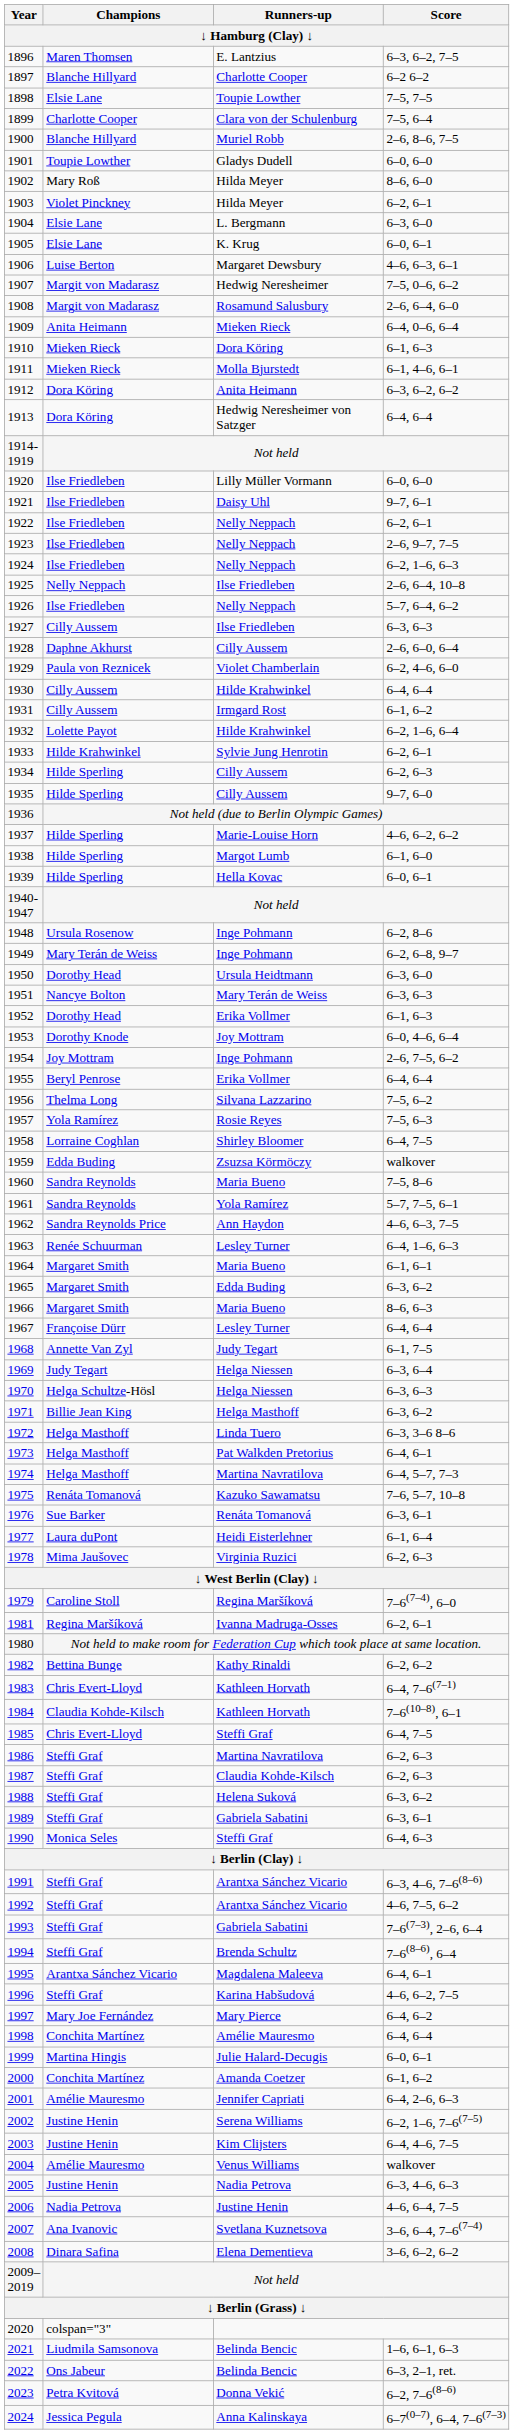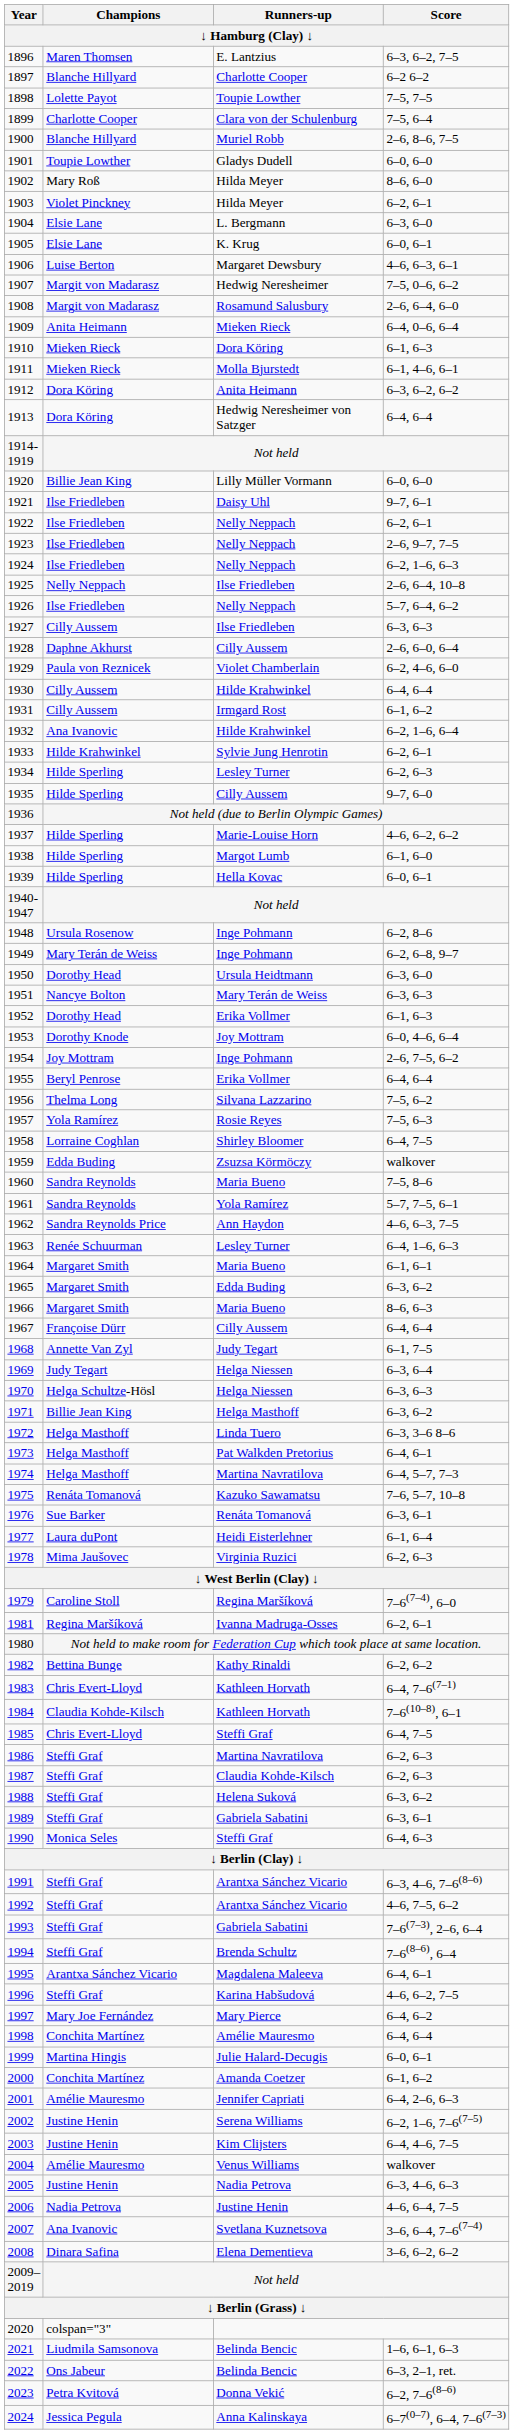 <table class="wikitable sortable nowrap">
 <tr>
 <th>Year</th>
 <th width=200>Champions</th>
 <th width=200>Runners-up</th>
 <th class="unsortable">Score</th>
 </tr>
 <tr>
 <th colspan="4">↓ Hamburg (Clay) ↓</th>
 </tr>
 <tr>
 <td>1896</td>
 <td> <a href='#'>Maren Thomsen</a></td>
 <td> E. Lantzius</td>
 <td>6–3, 6–2, 7–5</td>
 </tr>
 <tr>
 <td>1897</td>
 <td> <a href='#'>Blanche Hillyard</a></td>
 <td> <a href='#'>Charlotte Cooper</a></td>
 <td>6–2 6–2</td>
 </tr>
 <tr>
 <td>1898</td>
-<td> <a href='#'>Elsie Lane</a></td>
+<td> <a href='#'>Lolette Payot</a></td>
 <td> <a href='#'>Toupie Lowther</a></td>
 <td>7–5, 7–5</td>
 </tr>
 <tr>
 <td>1899</td>
 <td> <a href='#'>Charlotte Cooper</a></td>
 <td> <a href='#'>Clara von der Schulenburg</a></td>
 <td>7–5, 6–4</td>
 </tr>
 <tr>
 <td>1900</td>
 <td> <a href='#'>Blanche Hillyard</a> </td>
 <td> <a href='#'>Muriel Robb</a></td>
 <td>2–6, 8–6, 7–5</td>
 </tr>
 <tr>
 <td>1901</td>
 <td> <a href='#'>Toupie Lowther</a></td>
 <td> Gladys Dudell</td>
 <td>6–0, 6–0</td>
 </tr>
 <tr>
 <td>1902</td>
 <td> Mary Roß</td>
 <td> Hilda Meyer</td>
 <td>8–6, 6–0</td>
 </tr>
 <tr>
 <td>1903</td>
 <td> <a href='#'>Violet Pinckney</a></td>
 <td> Hilda Meyer</td>
 <td>6–2, 6–1</td>
 </tr>
 <tr>
 <td>1904</td>
 <td> <a href='#'>Elsie Lane</a> </td>
 <td> L. Bergmann</td>
 <td>6–3, 6–0</td>
 </tr>
 <tr>
 <td>1905</td>
 <td> <a href='#'>Elsie Lane</a> </td>
 <td> K. Krug</td>
 <td>6–0, 6–1</td>
 </tr>
 <tr>
 <td>1906</td>
 <td> <a href='#'>Luise Berton</a></td>
 <td> Margaret Dewsbury</td>
 <td>4–6, 6–3, 6–1</td>
 </tr>
 <tr>
 <td>1907</td>
 <td> <a href='#'>Margit von Madarasz</a></td>
 <td> Hedwig Neresheimer</td>
 <td>7–5, 0–6, 6–2</td>
 </tr>
 <tr>
 <td>1908</td>
 <td> <a href='#'>Margit von Madarasz</a> </td>
 <td> <a href='#'>Rosamund Salusbury</a></td>
 <td>2–6, 6–4, 6–0</td>
 </tr>
 <tr>
 <td>1909</td>
 <td>  <a href='#'>Anita Heimann</a></td>
 <td> <a href='#'>Mieken Rieck</a></td>
 <td>6–4, 0–6, 6–4</td>
 </tr>
 <tr>
 <td>1910</td>
 <td> <a href='#'>Mieken Rieck</a></td>
 <td> <a href='#'>Dora Köring</a></td>
 <td>6–1, 6–3</td>
 </tr>
 <tr>
 <td>1911</td>
 <td> <a href='#'>Mieken Rieck</a> </td>
 <td> <a href='#'>Molla Bjurstedt</a></td>
 <td>6–1, 4–6, 6–1</td>
 </tr>
 <tr>
 <td>1912</td>
 <td> <a href='#'>Dora Köring</a></td>
 <td>  <a href='#'>Anita Heimann</a></td>
 <td>6–3, 6–2, 6–2</td>
 </tr>
 <tr>
 <td>1913</td>
 <td> <a href='#'>Dora Köring</a> </td>
 <td> Hedwig Neresheimer von Satzger</td>
 <td>6–4, 6–4</td>
 </tr>
 <tr>
 <td style="background:#f5f5f5">1914- <br>1919</td>
 <td colspan=3 align=center style="background:#f5f5f5"><em>Not held</em></td>
 </tr>
 <tr>
 <td>1920</td>
-<td> <a href='#'>Ilse Friedleben</a></td>
+<td> <a href='#'>Billie Jean King</a></td>
 <td> Lilly Müller Vormann</td>
 <td>6–0, 6–0</td>
 </tr>
 <tr>
 <td>1921</td>
 <td> <a href='#'>Ilse Friedleben</a> </td>
 <td> <a href='#'>Daisy Uhl</a></td>
 <td>9–7, 6–1</td>
 </tr>
 <tr>
 <td>1922</td>
 <td> <a href='#'>Ilse Friedleben</a> </td>
 <td> <a href='#'>Nelly Neppach</a></td>
 <td>6–2, 6–1</td>
 </tr>
 <tr>
 <td>1923</td>
 <td> <a href='#'>Ilse Friedleben</a> </td>
 <td> <a href='#'>Nelly Neppach</a></td>
 <td>2–6, 9–7, 7–5</td>
 </tr>
 <tr>
 <td>1924</td>
 <td> <a href='#'>Ilse Friedleben</a> </td>
 <td> <a href='#'>Nelly Neppach</a></td>
 <td>6–2, 1–6, 6–3</td>
 </tr>
 <tr>
 <td>1925</td>
 <td> <a href='#'>Nelly Neppach</a></td>
 <td> <a href='#'>Ilse Friedleben</a></td>
 <td>2–6, 6–4, 10–8</td>
 </tr>
 <tr>
 <td>1926</td>
 <td> <a href='#'>Ilse Friedleben</a> </td>
 <td> <a href='#'>Nelly Neppach</a></td>
 <td>5–7, 6–4, 6–2</td>
 </tr>
 <tr>
 <td>1927</td>
 <td> <a href='#'>Cilly Aussem</a></td>
 <td> <a href='#'>Ilse Friedleben</a></td>
 <td>6–3, 6–3</td>
 </tr>
 <tr>
 <td>1928</td>
 <td> <a href='#'>Daphne Akhurst</a></td>
 <td> <a href='#'>Cilly Aussem</a></td>
 <td>2–6, 6–0, 6–4</td>
 </tr>
 <tr>
 <td>1929</td>
 <td> <a href='#'>Paula von Reznicek</a></td>
 <td> <a href='#'>Violet Chamberlain</a></td>
 <td>6–2, 4–6, 6–0</td>
 </tr>
 <tr>
 <td>1930</td>
 <td> <a href='#'>Cilly Aussem</a> </td>
 <td> <a href='#'>Hilde Krahwinkel</a></td>
 <td>6–4, 6–4</td>
 </tr>
 <tr>
 <td>1931</td>
 <td> <a href='#'>Cilly Aussem</a> </td>
 <td> <a href='#'>Irmgard Rost</a></td>
 <td>6–1, 6–2</td>
 </tr>
 <tr>
 <td>1932</td>
-<td> <a href='#'>Lolette Payot</a></td>
+<td> <a href='#'>Ana Ivanovic</a></td>
 <td> <a href='#'>Hilde Krahwinkel</a></td>
 <td>6–2, 1–6, 6–4</td>
 </tr>
 <tr>
 <td>1933</td>
 <td> <a href='#'>Hilde Krahwinkel</a></td>
 <td> <a href='#'>Sylvie Jung Henrotin</a></td>
 <td>6–2, 6–1</td>
 </tr>
 <tr>
 <td>1934</td>
 <td> <a href='#'>Hilde Sperling</a> </td>
-<td> <a href='#'>Cilly Aussem</a></td>
+<td> <a href='#'>Lesley Turner</a></td>
 <td>6–2, 6–3</td>
 </tr>
 <tr>
 <td>1935</td>
 <td> <a href='#'>Hilde Sperling</a> </td>
 <td> <a href='#'>Cilly Aussem</a></td>
 <td>9–7, 6–0</td>
 </tr>
 <tr>
 <td style="background:#f5f5f5">1936</td>
 <td colspan=3 align=center style="background:#f5f5f5"><em>Not held (due to Berlin Olympic Games)</em></td>
 </tr>
 <tr>
 <td>1937</td>
 <td> <a href='#'>Hilde Sperling</a> </td>
 <td> <a href='#'>Marie-Louise Horn</a></td>
 <td>4–6, 6–2, 6–2</td>
 </tr>
 <tr>
 <td>1938</td>
 <td> <a href='#'>Hilde Sperling</a> </td>
 <td> <a href='#'>Margot Lumb</a></td>
 <td>6–1, 6–0</td>
 </tr>
 <tr>
 <td>1939</td>
 <td> <a href='#'>Hilde Sperling</a> </td>
 <td> <a href='#'>Hella Kovac</a></td>
 <td>6–0, 6–1</td>
 </tr>
 <tr>
 <td style="background:#f5f5f5">1940- <br>1947</td>
 <td colspan=3 align=center style="background:#f5f5f5"><em>Not held</em></td>
 </tr>
 <tr>
 <td>1948</td>
 <td> <a href='#'>Ursula Rosenow</a></td>
 <td> <a href='#'>Inge Pohmann</a></td>
 <td>6–2, 8–6</td>
 </tr>
 <tr>
 <td>1949</td>
 <td> <a href='#'>Mary Terán de Weiss</a></td>
 <td> <a href='#'>Inge Pohmann</a></td>
 <td>6–2, 6–8, 9–7</td>
 </tr>
 <tr>
 <td>1950</td>
 <td> <a href='#'>Dorothy Head</a></td>
 <td> <a href='#'>Ursula Heidtmann</a></td>
 <td>6–3, 6–0</td>
 </tr>
 <tr>
 <td>1951</td>
 <td> <a href='#'>Nancye Bolton</a></td>
 <td> <a href='#'>Mary Terán de Weiss</a></td>
 <td>6–3, 6–3</td>
 </tr>
 <tr>
 <td>1952</td>
 <td> <a href='#'>Dorothy Head</a> </td>
 <td> <a href='#'>Erika Vollmer</a></td>
 <td>6–1, 6–3</td>
 </tr>
 <tr>
 <td>1953</td>
 <td> <a href='#'>Dorothy Knode</a> </td>
 <td> <a href='#'>Joy Mottram</a></td>
 <td>6–0, 4–6, 6–4</td>
 </tr>
 <tr>
 <td>1954</td>
 <td> <a href='#'>Joy Mottram</a></td>
 <td> <a href='#'>Inge Pohmann</a></td>
 <td>2–6, 7–5, 6–2</td>
 </tr>
 <tr>
 <td>1955</td>
 <td> <a href='#'>Beryl Penrose</a></td>
 <td> <a href='#'>Erika Vollmer</a></td>
 <td>6–4, 6–4</td>
 </tr>
 <tr>
 <td>1956</td>
 <td> <a href='#'>Thelma Long</a></td>
 <td> <a href='#'>Silvana Lazzarino</a></td>
 <td>7–5, 6–2</td>
 </tr>
 <tr>
 <td>1957</td>
 <td> <a href='#'>Yola Ramírez</a></td>
 <td> <a href='#'>Rosie Reyes</a></td>
 <td>7–5, 6–3</td>
 </tr>
 <tr>
 <td>1958</td>
 <td> <a href='#'>Lorraine Coghlan</a></td>
 <td> <a href='#'>Shirley Bloomer</a></td>
 <td>6–4, 7–5</td>
 </tr>
 <tr>
 <td>1959</td>
 <td> <a href='#'>Edda Buding</a></td>
 <td> <a href='#'>Zsuzsa Körmöczy</a></td>
 <td>walkover</td>
 </tr>
 <tr>
 <td>1960</td>
 <td> <a href='#'>Sandra Reynolds</a></td>
 <td> <a href='#'>Maria Bueno</a></td>
 <td>7–5, 8–6</td>
 </tr>
 <tr>
 <td>1961</td>
 <td> <a href='#'>Sandra Reynolds</a> </td>
 <td> <a href='#'>Yola Ramírez</a></td>
 <td>5–7, 7–5, 6–1</td>
 </tr>
 <tr>
 <td>1962</td>
 <td> <a href='#'>Sandra Reynolds Price</a> </td>
 <td> <a href='#'>Ann Haydon</a></td>
 <td>4–6, 6–3, 7–5</td>
 </tr>
 <tr>
 <td>1963</td>
 <td> <a href='#'>Renée Schuurman</a></td>
 <td> <a href='#'>Lesley Turner</a></td>
 <td>6–4, 1–6, 6–3</td>
 </tr>
 <tr>
 <td>1964</td>
 <td> <a href='#'>Margaret Smith</a></td>
 <td> <a href='#'>Maria Bueno</a></td>
 <td>6–1, 6–1</td>
 </tr>
 <tr>
 <td>1965</td>
 <td> <a href='#'>Margaret Smith</a> </td>
 <td> <a href='#'>Edda Buding</a></td>
 <td>6–3, 6–2</td>
 </tr>
 <tr>
 <td>1966</td>
 <td> <a href='#'>Margaret Smith</a> </td>
 <td> <a href='#'>Maria Bueno</a></td>
 <td>8–6, 6–3</td>
 </tr>
 <tr>
 <td>1967</td>
 <td> <a href='#'>Françoise Dürr</a></td>
-<td> <a href='#'>Lesley Turner</a></td>
+<td> <a href='#'>Cilly Aussem</a></td>
 <td>6–4, 6–4</td>
 </tr>
 <tr>
 <td><a href='#'>1968</a></td>
 <td> <a href='#'>Annette Van Zyl</a></td>
 <td> <a href='#'>Judy Tegart</a></td>
 <td>6–1, 7–5</td>
 </tr>
 <tr>
 <td><a href='#'>1969</a></td>
 <td> <a href='#'>Judy Tegart</a></td>
 <td> <a href='#'>Helga Niessen</a></td>
 <td>6–3, 6–4</td>
 </tr>
 <tr>
 <td><a href='#'>1970</a></td>
 <td> <a href='#'>Helga Schultze</a>-Hösl</td>
 <td> <a href='#'>Helga Niessen</a></td>
 <td>6–3, 6–3</td>
 </tr>
 <tr>
 <td><a href='#'>1971</a></td>
 <td> <a href='#'>Billie Jean King</a></td>
 <td> <a href='#'>Helga Masthoff</a></td>
 <td>6–3, 6–2</td>
 </tr>
 <tr>
 <td><a href='#'>1972</a></td>
 <td> <a href='#'>Helga Masthoff</a></td>
 <td> <a href='#'>Linda Tuero</a></td>
 <td>6–3, 3–6 8–6</td>
 </tr>
 <tr>
 <td><a href='#'>1973</a></td>
 <td> <a href='#'>Helga Masthoff</a> </td>
 <td> <a href='#'>Pat Walkden Pretorius</a></td>
 <td>6–4, 6–1</td>
 </tr>
 <tr>
 <td><a href='#'>1974</a></td>
 <td> <a href='#'>Helga Masthoff</a> </td>
 <td> <a href='#'>Martina Navratilova</a></td>
 <td>6–4, 5–7, 7–3</td>
 </tr>
 <tr>
 <td><a href='#'>1975</a></td>
 <td> <a href='#'>Renáta Tomanová</a></td>
 <td> <a href='#'>Kazuko Sawamatsu</a></td>
 <td>7–6, 5–7, 10–8</td>
 </tr>
 <tr>
 <td><a href='#'>1976</a></td>
 <td> <a href='#'>Sue Barker</a></td>
 <td> <a href='#'>Renáta Tomanová</a></td>
 <td>6–3, 6–1</td>
 </tr>
 <tr>
 <td><a href='#'>1977</a></td>
 <td> <a href='#'>Laura duPont</a></td>
 <td> <a href='#'>Heidi Eisterlehner</a></td>
 <td>6–1, 6–4</td>
 </tr>
 <tr>
 <td><a href='#'>1978</a></td>
 <td> <a href='#'>Mima Jaušovec</a></td>
 <td> <a href='#'>Virginia Ruzici</a></td>
 <td>6–2, 6–3</td>
 </tr>
 <tr>
 <th colspan=4>↓ West Berlin (Clay) ↓</th>
 </tr>
 <tr>
 <td><a href='#'>1979</a></td>
 <td> <a href='#'>Caroline Stoll</a></td>
 <td> <a href='#'>Regina Maršíková</a></td>
 <td>7–6<sup>(7–4)</sup>, 6–0</td>
 </tr>
 <tr>
 <td><a href='#'>1981</a></td>
 <td> <a href='#'>Regina Maršíková</a></td>
 <td> <a href='#'>Ivanna Madruga-Osses</a></td>
 <td>6–2, 6–1</td>
 </tr>
 <tr style="background:#f5f5f5">
 <td>1980</td>
 <td colspan=3 align=center><em>Not held to make room for <a href='#'>Federation Cup</a> which took place at same location.</em></td>
 </tr>
 <tr>
 <td><a href='#'>1982</a></td>
 <td> <a href='#'>Bettina Bunge</a></td>
 <td> <a href='#'>Kathy Rinaldi</a></td>
 <td>6–2, 6–2</td>
 </tr>
 <tr>
 <td><a href='#'>1983</a></td>
 <td> <a href='#'>Chris Evert-Lloyd</a></td>
 <td> <a href='#'>Kathleen Horvath</a></td>
 <td>6–4, 7–6<sup>(7–1)</sup></td>
 </tr>
 <tr>
 <td><a href='#'>1984</a></td>
 <td> <a href='#'>Claudia Kohde-Kilsch</a></td>
 <td> <a href='#'>Kathleen Horvath</a></td>
 <td>7–6<sup>(10–8)</sup>, 6–1</td>
 </tr>
 <tr>
 <td><a href='#'>1985</a></td>
 <td> <a href='#'>Chris Evert-Lloyd</a> </td>
 <td> <a href='#'>Steffi Graf</a></td>
 <td>6–4, 7–5</td>
 </tr>
 <tr>
 <td><a href='#'>1986</a></td>
 <td> <a href='#'>Steffi Graf</a></td>
 <td> <a href='#'>Martina Navratilova</a></td>
 <td>6–2, 6–3</td>
 </tr>
 <tr>
 <td><a href='#'>1987</a></td>
 <td> <a href='#'>Steffi Graf</a> </td>
 <td> <a href='#'>Claudia Kohde-Kilsch</a></td>
 <td>6–2, 6–3</td>
 </tr>
 <tr>
 <td><a href='#'>1988</a></td>
 <td> <a href='#'>Steffi Graf</a> </td>
 <td> <a href='#'>Helena Suková</a></td>
 <td>6–3, 6–2</td>
 </tr>
 <tr>
 <td><a href='#'>1989</a></td>
 <td> <a href='#'>Steffi Graf</a> </td>
 <td> <a href='#'>Gabriela Sabatini</a></td>
 <td>6–3, 6–1</td>
 </tr>
 <tr>
 <td><a href='#'>1990</a></td>
 <td> <a href='#'>Monica Seles</a></td>
 <td> <a href='#'>Steffi Graf</a></td>
 <td>6–4, 6–3</td>
 </tr>
 <tr>
 <th colspan=4>↓ Berlin (Clay) ↓</th>
 </tr>
 <tr>
 <td><a href='#'>1991</a></td>
 <td> <a href='#'>Steffi Graf</a> </td>
 <td> <a href='#'>Arantxa Sánchez Vicario</a></td>
 <td>6–3, 4–6, 7–6<sup>(8–6)</sup></td>
 </tr>
 <tr>
 <td><a href='#'>1992</a></td>
 <td> <a href='#'>Steffi Graf</a> </td>
 <td> <a href='#'>Arantxa Sánchez Vicario</a></td>
 <td>4–6, 7–5, 6–2</td>
 </tr>
 <tr>
 <td><a href='#'>1993</a></td>
 <td> <a href='#'>Steffi Graf</a> </td>
 <td> <a href='#'>Gabriela Sabatini</a></td>
 <td>7–6<sup>(7–3)</sup>, 2–6, 6–4</td>
 </tr>
 <tr>
 <td><a href='#'>1994</a></td>
 <td> <a href='#'>Steffi Graf</a> </td>
 <td> <a href='#'>Brenda Schultz</a></td>
 <td>7–6<sup>(8–6)</sup>, 6–4</td>
 </tr>
 <tr>
 <td><a href='#'>1995</a></td>
 <td> <a href='#'>Arantxa Sánchez Vicario</a></td>
 <td> <a href='#'>Magdalena Maleeva</a></td>
 <td>6–4, 6–1</td>
 </tr>
 <tr>
 <td><a href='#'>1996</a></td>
 <td> <a href='#'>Steffi Graf</a> </td>
 <td> <a href='#'>Karina Habšudová</a></td>
 <td>4–6, 6–2, 7–5</td>
 </tr>
 <tr>
 <td><a href='#'>1997</a></td>
 <td> <a href='#'>Mary Joe Fernández</a></td>
 <td> <a href='#'>Mary Pierce</a></td>
 <td>6–4, 6–2</td>
 </tr>
 <tr>
 <td><a href='#'>1998</a></td>
 <td> <a href='#'>Conchita Martínez</a></td>
 <td> <a href='#'>Amélie Mauresmo</a></td>
 <td>6–4, 6–4</td>
 </tr>
 <tr>
 <td><a href='#'>1999</a></td>
 <td> <a href='#'>Martina Hingis</a></td>
 <td> <a href='#'>Julie Halard-Decugis</a></td>
 <td>6–0, 6–1</td>
 </tr>
 <tr>
 <td><a href='#'>2000</a></td>
 <td> <a href='#'>Conchita Martínez</a> </td>
 <td> <a href='#'>Amanda Coetzer</a></td>
 <td>6–1, 6–2</td>
 </tr>
 <tr>
 <td><a href='#'>2001</a></td>
 <td> <a href='#'>Amélie Mauresmo</a></td>
 <td> <a href='#'>Jennifer Capriati</a></td>
 <td>6–4, 2–6, 6–3</td>
 </tr>
 <tr>
 <td><a href='#'>2002</a></td>
 <td> <a href='#'>Justine Henin</a></td>
 <td> <a href='#'>Serena Williams</a></td>
 <td>6–2, 1–6, 7–6<sup>(7–5)</sup></td>
 </tr>
 <tr>
 <td><a href='#'>2003</a></td>
 <td> <a href='#'>Justine Henin</a> </td>
 <td> <a href='#'>Kim Clijsters</a></td>
 <td>6–4, 4–6, 7–5</td>
 </tr>
 <tr>
 <td><a href='#'>2004</a></td>
 <td> <a href='#'>Amélie Mauresmo</a> </td>
 <td> <a href='#'>Venus Williams</a></td>
 <td>walkover</td>
 </tr>
 <tr>
 <td><a href='#'>2005</a></td>
 <td> <a href='#'>Justine Henin</a> </td>
 <td> <a href='#'>Nadia Petrova</a></td>
 <td>6–3, 4–6, 6–3</td>
 </tr>
 <tr>
 <td><a href='#'>2006</a></td>
 <td> <a href='#'>Nadia Petrova</a></td>
 <td> <a href='#'>Justine Henin</a></td>
 <td>4–6, 6–4, 7–5</td>
 </tr>
 <tr>
 <td><a href='#'>2007</a></td>
 <td> <a href='#'>Ana Ivanovic</a></td>
 <td> <a href='#'>Svetlana Kuznetsova</a></td>
 <td>3–6, 6–4, 7–6<sup>(7–4)</sup></td>
 </tr>
 <tr>
 <td><a href='#'>2008</a></td>
 <td> <a href='#'>Dinara Safina</a></td>
 <td> <a href='#'>Elena Dementieva</a></td>
 <td>3–6, 6–2, 6–2</td>
 </tr>
 <tr>
 <td style="background:#f5f5f5">2009– <br>2019</td>
 <td colspan=3 align=center style="background:#f5f5f5"><em>Not held</em></td>
 </tr>
 <tr>
 <th colspan=4>↓ Berlin (Grass) ↓</th>
 </tr>
 <tr>
 <td>2020</td>
 <td>colspan="3" </td>
 </tr>
 <tr>
 <td><a href='#'>2021</a></td>
 <td> <a href='#'>Liudmila Samsonova</a></td>
 <td> <a href='#'>Belinda Bencic</a></td>
 <td>1–6, 6–1, 6–3</td>
 </tr>
 <tr>
 <td><a href='#'>2022</a></td>
 <td> <a href='#'>Ons Jabeur</a></td>
 <td> <a href='#'>Belinda Bencic</a></td>
 <td>6–3, 2–1, ret.</td>
 </tr>
 <tr>
 <td><a href='#'>2023</a></td>
 <td> <a href='#'>Petra Kvitová</a></td>
 <td> <a href='#'>Donna Vekić</a></td>
 <td>6–2, 7–6<sup>(8–6)</sup></td>
 </tr>
 <tr>
 <td><a href='#'>2024</a></td>
 <td> <a href='#'>Jessica Pegula</a></td>
 <td> <a href='#'>Anna Kalinskaya</a></td>
 <td>6–7<sup>(0–7)</sup>, 6–4, 7–6<sup>(7–3)</sup></td>
 </tr>
 </table>
